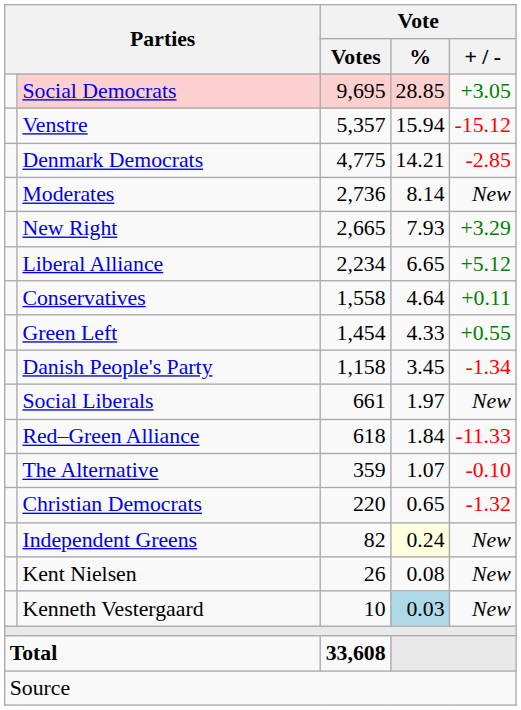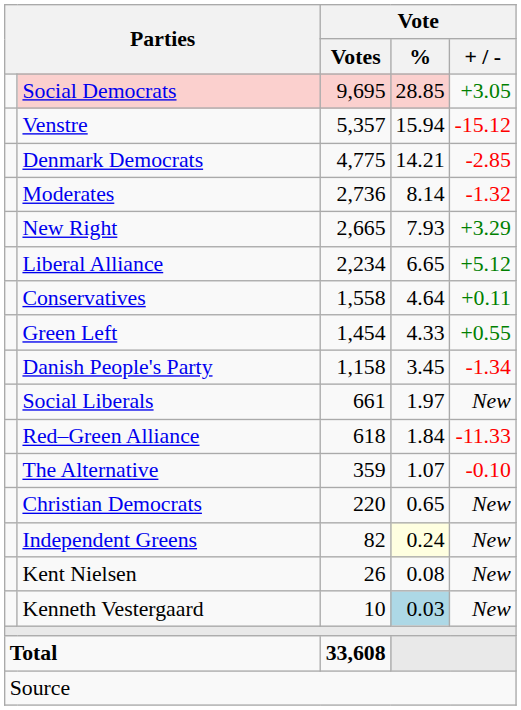 <table class="wikitable" style="text-align:right;">
 <tr>
 <th style="text-align:centre;" rowspan="2" colspan="2" width="225">Parties</th>
 <th colspan="3">Vote</th>
 </tr>
 <tr>
 <th width="15">Votes</th>
 <th width="15">%</th>
 <th width="15">+ / -</th>
 </tr>
 <tr>
 <td width="2" style="color:inherit;background:"></td>
 <td bgcolor=#fbd0ce  align="left"><a href='#'>Social Democrats</a></td>
 <td bgcolor=#fbd0ce>9,695</td>
 <td bgcolor=#fbd0ce>28.85</td>
 <td style=color:green;>+3.05</td>
 </tr>
 <tr>
 <td width="2" style="color:inherit;background:"></td>
 <td align="left"><a href='#'>Venstre</a></td>
 <td>5,357</td>
 <td>15.94</td>
 <td style=color:red;>-15.12</td>
 </tr>
 <tr>
 <td width="2" style="color:inherit;background:"></td>
 <td align="left"><a href='#'>Denmark Democrats</a></td>
 <td>4,775</td>
 <td>14.21</td>
 <td style=color:red;>-2.85</td>
 </tr>
 <tr>
 <td width="2" style="color:inherit;background:"></td>
 <td align="left"><a href='#'>Moderates</a></td>
 <td>2,736</td>
 <td>8.14</td>
-<td><em>New</em></td>
+<td style=color:red;>-1.32</td>
 </tr>
 <tr>
 <td width="2" style="color:inherit;background:"></td>
 <td align="left"><a href='#'>New Right</a></td>
 <td>2,665</td>
 <td>7.93</td>
 <td style=color:green;>+3.29</td>
 </tr>
 <tr>
 <td width="2" style="color:inherit;background:"></td>
 <td align="left"><a href='#'>Liberal Alliance</a></td>
 <td>2,234</td>
 <td>6.65</td>
 <td style=color:green;>+5.12</td>
 </tr>
 <tr>
 <td width="2" style="color:inherit;background:"></td>
 <td align="left"><a href='#'>Conservatives</a></td>
 <td>1,558</td>
 <td>4.64</td>
 <td style=color:green;>+0.11</td>
 </tr>
 <tr>
 <td width="2" style="color:inherit;background:"></td>
 <td align="left"><a href='#'>Green Left</a></td>
 <td>1,454</td>
 <td>4.33</td>
 <td style=color:green;>+0.55</td>
 </tr>
 <tr>
 <td width="2" style="color:inherit;background:"></td>
 <td align="left"><a href='#'>Danish People's Party</a></td>
 <td>1,158</td>
 <td>3.45</td>
 <td style=color:red;>-1.34</td>
 </tr>
 <tr>
 <td width="2" style="color:inherit;background:"></td>
 <td align="left"><a href='#'>Social Liberals</a></td>
 <td>661</td>
 <td>1.97</td>
 <td><em>New</em></td>
 </tr>
 <tr>
 <td width="2" style="color:inherit;background:"></td>
 <td align="left"><a href='#'>Red–Green Alliance</a></td>
 <td>618</td>
 <td>1.84</td>
 <td style=color:red;>-11.33</td>
 </tr>
 <tr>
 <td width="2" style="color:inherit;background:"></td>
 <td align="left"><a href='#'>The Alternative</a></td>
 <td>359</td>
 <td>1.07</td>
 <td style=color:red;>-0.10</td>
 </tr>
 <tr>
 <td width="2" style="color:inherit;background:"></td>
 <td align="left"><a href='#'>Christian Democrats</a></td>
 <td>220</td>
 <td>0.65</td>
-<td style=color:red;>-1.32</td>
+<td><em>New</em></td>
 </tr>
 <tr>
 <td width="2" style="color:inherit;background:"></td>
 <td align="left"><a href='#'>Independent Greens</a></td>
 <td>82</td>
 <td style="background: lightyellow;">0.24</td>
 <td><em>New</em></td>
 </tr>
 <tr>
 <td width="2" style="color:inherit;background:"></td>
 <td align="left">Kent Nielsen</td>
 <td>26</td>
 <td>0.08</td>
 <td><em>New</em></td>
 </tr>
 <tr>
 <td width="2" style="color:inherit;background:"></td>
 <td align="left">Kenneth Vestergaard</td>
 <td>10</td>
 <td style="background: lightblue;">0.03</td>
 <td><em>New</em></td>
 </tr>
 <tr>
 <td colspan="7" bgcolor="#E9E9E9"></td>
 </tr>
 <tr>
 <td align="left" colspan="2"><strong>Total</strong></td>
 <td><strong>33,608</strong></td>
 <td bgcolor="#E9E9E9" colspan="2"></td>
 </tr>
 <tr>
 <td align="left" colspan="6">Source</td>
 </tr>
 </table>
